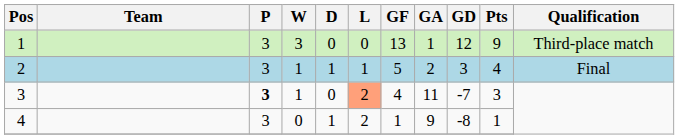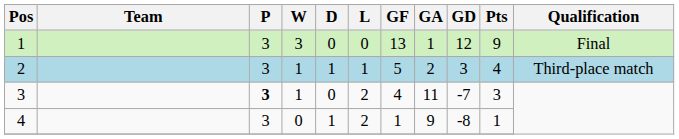 <table class="wikitable" border="1">
 <tr>
 <th width="25"><abbr>Pos</abbr></th>
 <th width="200">Team</th>
 <th width="25">P</th>
 <th width="25">W</th>
 <th width="25">D</th>
 <th width="25">L</th>
 <th width="25"><abbr>GF</abbr></th>
 <th width="25"><abbr>GA</abbr></th>
 <th width="25"><abbr>GD</abbr></th>
 <th width="25"><abbr>Pts</abbr></th>
 <th width="150">Qualification</th>
 </tr>
 <tr bgcolor= #D0F0C0>
 <td align="center">1</td>
 <td></td>
 <td align="center">3</td>
 <td align="center">3</td>
 <td align="center">0</td>
 <td align="center">0</td>
 <td align="center">13</td>
 <td align="center">1</td>
 <td align="center">12</td>
 <td align="center">9</td>
-<td align="center">Third-place match</td>
+<td align="center">Final</td>
 </tr>
 <tr bgcolor=lightblue>
 <td align="center">2</td>
 <td></td>
 <td align="center">3</td>
 <td align="center">1</td>
 <td align="center">1</td>
 <td align="center">1</td>
 <td align="center">5</td>
 <td align="center">2</td>
 <td align="center">3</td>
 <td align="center">4</td>
-<td align="center">Final</td>
+<td align="center">Third-place match</td>
 </tr>
 <tr>
 <td align="center">3</td>
 <td></td>
 <td align="center"><strong>3</strong></td>
 <td align="center">1</td>
 <td align="center">0</td>
-<td align="center" style="background: lightsalmon;">2</td>
+<td align="center">2</td>
 <td align="center">4</td>
 <td align="center">11</td>
 <td align="center">-7</td>
 <td align="center">3</td>
 </tr>
 <tr>
 <td align="center">4</td>
 <td></td>
 <td align="center">3</td>
 <td align="center">0</td>
 <td align="center">1</td>
 <td align="center">2</td>
 <td align="center">1</td>
 <td align="center">9</td>
 <td align="center">-8</td>
 <td align="center">1</td>
 </tr>
 <tr>
 </tr>
 </table>
